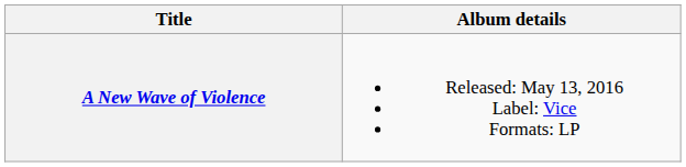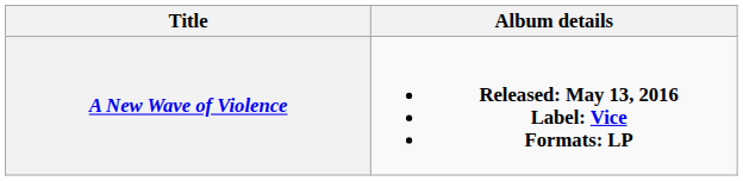 <table class="wikitable plainrowheaders" style="text-align:center;">
 <tr>
 <th scope="col" style="width:18em;">Title</th>
 <th scope="col" style="width:18em;">Album details</th>
 </tr>
 <tr>
 <th scope="row"><em><a href='#'>A New Wave of Violence</a></em></th>
-<td><br><ul><li>Released: May 13, 2016</li><li>Label: <a href='#'>Vice</a></li><li>Formats: LP</li></ul></td>
+<td><strong><br><ul><li>Released: May 13, 2016</li><li>Label: <a href='#'>Vice</a></li><li>Formats: LP</li></ul></strong></td>
 </tr>
 </table>
